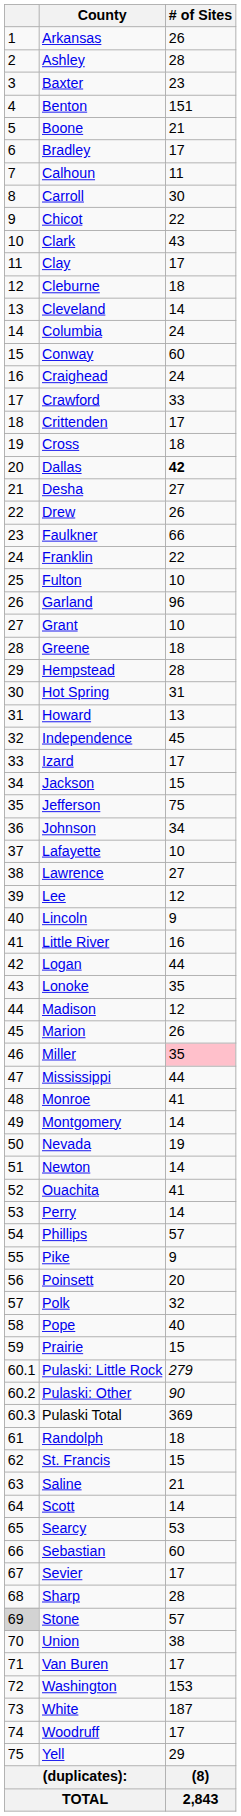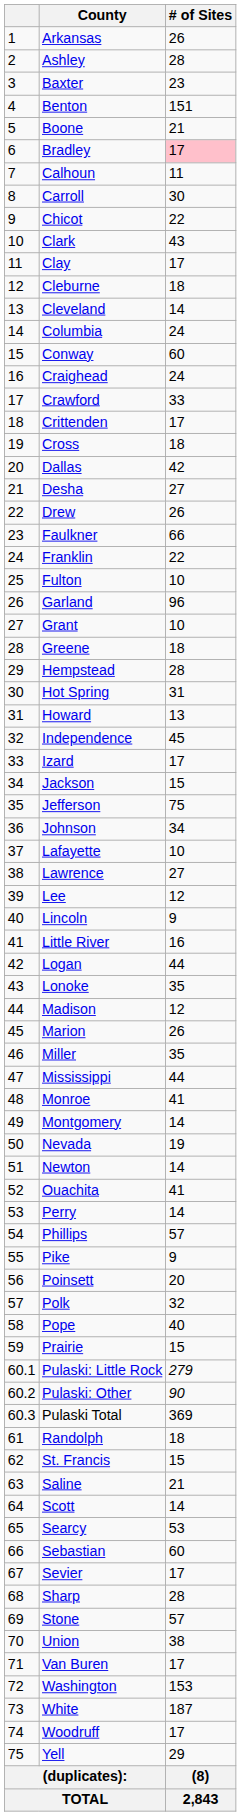 <table class="wikitable sortable">
 <tr>
 <th></th>
 <th><strong>County</strong></th>
 <th><strong># of Sites</strong></th>
 </tr>
 <tr ->
 <td>1</td>
 <td><a href='#'>Arkansas</a></td>
 <td>26</td>
 </tr>
 <tr>
 <td>2</td>
 <td><a href='#'>Ashley</a></td>
 <td>28</td>
 </tr>
 <tr>
 <td>3</td>
 <td><a href='#'>Baxter</a></td>
 <td>23</td>
 </tr>
 <tr>
 <td>4</td>
 <td><a href='#'>Benton</a></td>
 <td>151</td>
 </tr>
 <tr>
 <td>5</td>
 <td><a href='#'>Boone</a></td>
 <td>21</td>
 </tr>
 <tr>
 <td>6</td>
 <td><a href='#'>Bradley</a></td>
-<td>17</td>
+<td style="background: pink;">17</td>
 </tr>
 <tr>
 <td>7</td>
 <td><a href='#'>Calhoun</a></td>
 <td>11</td>
 </tr>
 <tr>
 <td>8</td>
 <td><a href='#'>Carroll</a></td>
 <td>30</td>
 </tr>
 <tr>
 <td>9</td>
 <td><a href='#'>Chicot</a></td>
 <td>22</td>
 </tr>
 <tr>
 <td>10</td>
 <td><a href='#'>Clark</a></td>
 <td>43</td>
 </tr>
 <tr>
 <td>11</td>
 <td><a href='#'>Clay</a></td>
 <td>17</td>
 </tr>
 <tr>
 <td>12</td>
 <td><a href='#'>Cleburne</a></td>
 <td>18</td>
 </tr>
 <tr>
 <td>13</td>
 <td><a href='#'>Cleveland</a></td>
 <td>14</td>
 </tr>
 <tr>
 <td>14</td>
 <td><a href='#'>Columbia</a></td>
 <td>24</td>
 </tr>
 <tr>
 <td>15</td>
 <td><a href='#'>Conway</a></td>
 <td>60</td>
 </tr>
 <tr>
 <td>16</td>
 <td><a href='#'>Craighead</a></td>
 <td>24</td>
 </tr>
 <tr>
 <td>17</td>
 <td><a href='#'>Crawford</a></td>
 <td>33</td>
 </tr>
 <tr>
 <td>18</td>
 <td><a href='#'>Crittenden</a></td>
 <td>17</td>
 </tr>
 <tr>
 <td>19</td>
 <td><a href='#'>Cross</a></td>
 <td>18</td>
 </tr>
 <tr>
 <td>20</td>
 <td><a href='#'>Dallas</a></td>
-<td><strong>42</strong></td>
+<td>42</td>
 </tr>
 <tr>
 <td>21</td>
 <td><a href='#'>Desha</a></td>
 <td>27</td>
 </tr>
 <tr>
 <td>22</td>
 <td><a href='#'>Drew</a></td>
 <td>26</td>
 </tr>
 <tr>
 <td>23</td>
 <td><a href='#'>Faulkner</a></td>
 <td>66</td>
 </tr>
 <tr>
 <td>24</td>
 <td><a href='#'>Franklin</a></td>
 <td>22</td>
 </tr>
 <tr>
 <td>25</td>
 <td><a href='#'>Fulton</a></td>
 <td>10</td>
 </tr>
 <tr>
 <td>26</td>
 <td><a href='#'>Garland</a></td>
 <td>96</td>
 </tr>
 <tr>
 <td>27</td>
 <td><a href='#'>Grant</a></td>
 <td>10</td>
 </tr>
 <tr>
 <td>28</td>
 <td><a href='#'>Greene</a></td>
 <td>18</td>
 </tr>
 <tr>
 <td>29</td>
 <td><a href='#'>Hempstead</a></td>
 <td>28</td>
 </tr>
 <tr>
 <td>30</td>
 <td><a href='#'>Hot Spring</a></td>
 <td>31</td>
 </tr>
 <tr>
 <td>31</td>
 <td><a href='#'>Howard</a></td>
 <td>13</td>
 </tr>
 <tr>
 <td>32</td>
 <td><a href='#'>Independence</a></td>
 <td>45</td>
 </tr>
 <tr>
 <td>33</td>
 <td><a href='#'>Izard</a></td>
 <td>17</td>
 </tr>
 <tr>
 <td>34</td>
 <td><a href='#'>Jackson</a></td>
 <td>15</td>
 </tr>
 <tr>
 <td>35</td>
 <td><a href='#'>Jefferson</a></td>
 <td>75</td>
 </tr>
 <tr>
 <td>36</td>
 <td><a href='#'>Johnson</a></td>
 <td>34</td>
 </tr>
 <tr>
 <td>37</td>
 <td><a href='#'>Lafayette</a></td>
 <td>10</td>
 </tr>
 <tr>
 <td>38</td>
 <td><a href='#'>Lawrence</a></td>
 <td>27</td>
 </tr>
 <tr>
 <td>39</td>
 <td><a href='#'>Lee</a></td>
 <td>12</td>
 </tr>
 <tr>
 <td>40</td>
 <td><a href='#'>Lincoln</a></td>
 <td>9</td>
 </tr>
 <tr>
 <td>41</td>
 <td><a href='#'>Little River</a></td>
 <td>16</td>
 </tr>
 <tr>
 <td>42</td>
 <td><a href='#'>Logan</a></td>
 <td>44</td>
 </tr>
 <tr>
 <td>43</td>
 <td><a href='#'>Lonoke</a></td>
 <td>35</td>
 </tr>
 <tr>
 <td>44</td>
 <td><a href='#'>Madison</a></td>
 <td>12</td>
 </tr>
 <tr>
 <td>45</td>
 <td><a href='#'>Marion</a></td>
 <td>26</td>
 </tr>
 <tr>
 <td>46</td>
 <td><a href='#'>Miller</a></td>
-<td style="background: pink;">35</td>
+<td>35</td>
 </tr>
 <tr>
 <td>47</td>
 <td><a href='#'>Mississippi</a></td>
 <td>44</td>
 </tr>
 <tr>
 <td>48</td>
 <td><a href='#'>Monroe</a></td>
 <td>41</td>
 </tr>
 <tr>
 <td>49</td>
 <td><a href='#'>Montgomery</a></td>
 <td>14</td>
 </tr>
 <tr>
 <td>50</td>
 <td><a href='#'>Nevada</a></td>
 <td>19</td>
 </tr>
 <tr>
 <td>51</td>
 <td><a href='#'>Newton</a></td>
 <td>14</td>
 </tr>
 <tr>
 <td>52</td>
 <td><a href='#'>Ouachita</a></td>
 <td>41</td>
 </tr>
 <tr>
 <td>53</td>
 <td><a href='#'>Perry</a></td>
 <td>14</td>
 </tr>
 <tr>
 <td>54</td>
 <td><a href='#'>Phillips</a></td>
 <td>57</td>
 </tr>
 <tr>
 <td>55</td>
 <td><a href='#'>Pike</a></td>
 <td>9</td>
 </tr>
 <tr>
 <td>56</td>
 <td><a href='#'>Poinsett</a></td>
 <td>20</td>
 </tr>
 <tr>
 <td>57</td>
 <td><a href='#'>Polk</a></td>
 <td>32</td>
 </tr>
 <tr>
 <td>58</td>
 <td><a href='#'>Pope</a></td>
 <td>40</td>
 </tr>
 <tr>
 <td>59</td>
 <td><a href='#'>Prairie</a></td>
 <td>15</td>
 </tr>
 <tr>
 <td>60.1</td>
 <td><a href='#'>Pulaski: Little Rock</a></td>
 <td><em>279</em></td>
 </tr>
 <tr>
 <td>60.2</td>
 <td><a href='#'>Pulaski: Other</a></td>
 <td><em>90</em></td>
 </tr>
 <tr>
 <td>60.3</td>
 <td>Pulaski Total</td>
 <td>369</td>
 </tr>
 <tr>
 <td>61</td>
 <td><a href='#'>Randolph</a></td>
 <td>18</td>
 </tr>
 <tr>
 <td>62</td>
 <td><a href='#'>St. Francis</a></td>
 <td>15</td>
 </tr>
 <tr>
 <td>63</td>
 <td><a href='#'>Saline</a></td>
 <td>21</td>
 </tr>
 <tr>
 <td>64</td>
 <td><a href='#'>Scott</a></td>
 <td>14</td>
 </tr>
 <tr>
 <td>65</td>
 <td><a href='#'>Searcy</a></td>
 <td>53</td>
 </tr>
 <tr>
 <td>66</td>
 <td><a href='#'>Sebastian</a></td>
 <td>60</td>
 </tr>
 <tr>
 <td>67</td>
 <td><a href='#'>Sevier</a></td>
 <td>17</td>
 </tr>
 <tr>
 <td>68</td>
 <td><a href='#'>Sharp</a></td>
 <td>28</td>
 </tr>
 <tr>
-<td style="background: lightgrey;">69</td>
+<td>69</td>
 <td><a href='#'>Stone</a></td>
 <td>57</td>
 </tr>
 <tr>
 <td>70</td>
 <td><a href='#'>Union</a></td>
 <td>38</td>
 </tr>
 <tr>
 <td>71</td>
 <td><a href='#'>Van Buren</a></td>
 <td>17</td>
 </tr>
 <tr>
 <td>72</td>
 <td><a href='#'>Washington</a></td>
 <td>153</td>
 </tr>
 <tr>
 <td>73</td>
 <td><a href='#'>White</a></td>
 <td>187</td>
 </tr>
 <tr>
 <td>74</td>
 <td><a href='#'>Woodruff</a></td>
 <td>17</td>
 </tr>
 <tr>
 <td>75</td>
 <td><a href='#'>Yell</a></td>
 <td>29</td>
 </tr>
 <tr class="sortbottom">
 <th colspan="2">(duplicates):</th>
 <th>(8)</th>
 </tr>
 <tr class="sortbottom">
 <th colspan="2">TOTAL</th>
 <th>2,843</th>
 </tr>
 </table>
